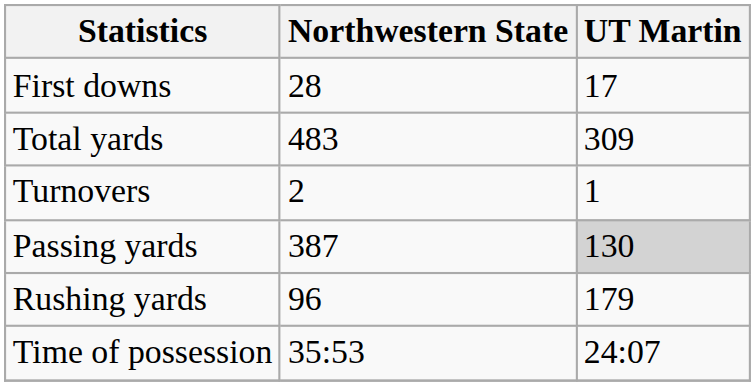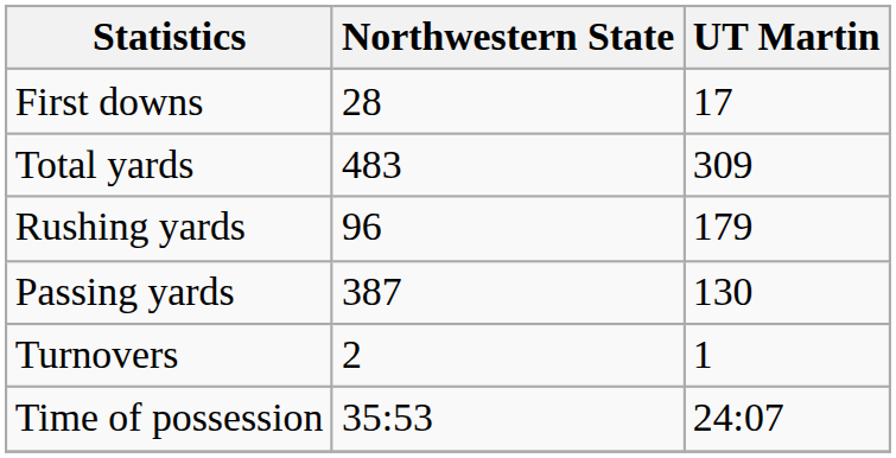 <table class="wikitable">
 <tr>
 <th>Statistics</th>
 <th>Northwestern State</th>
 <th>UT Martin</th>
 </tr>
 <tr>
 <td>First downs</td>
 <td>28</td>
 <td>17</td>
 </tr>
 <tr>
 <td>Total yards</td>
 <td>483</td>
 <td>309</td>
 </tr>
 <tr>
-<td>Turnovers</td>
-<td>2</td>
-<td>1</td>
+<td>Rushing yards</td>
+<td>96</td>
+<td>179</td>
 </tr>
 <tr>
 <td>Passing yards</td>
 <td>387</td>
-<td style="background: lightgrey;">130</td>
+<td>130</td>
 </tr>
 <tr>
-<td>Rushing yards</td>
-<td>96</td>
-<td>179</td>
+<td>Turnovers</td>
+<td>2</td>
+<td>1</td>
 </tr>
 <tr>
 <td>Time of possession</td>
 <td>35:53</td>
 <td>24:07</td>
 </tr>
 <tr>
 </tr>
 </table>
